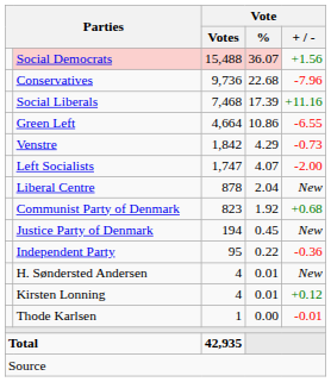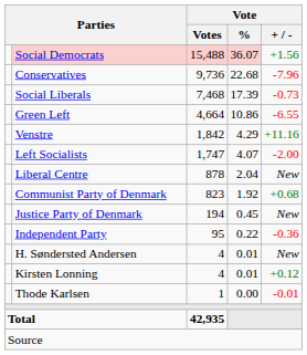 <table class="wikitable" style="text-align:right;">
 <tr>
 <th style="text-align:centre;" rowspan="2" colspan="2" width="225">Parties</th>
 <th colspan="3">Vote</th>
 </tr>
 <tr>
 <th width="15">Votes</th>
 <th width="15">%</th>
 <th width="15">+ / -</th>
 </tr>
 <tr>
 <td width="2" style="color:inherit;background:"></td>
 <td bgcolor=#fbd0ce  align="left"><a href='#'>Social Democrats</a></td>
 <td bgcolor=#fbd0ce>15,488</td>
 <td bgcolor=#fbd0ce>36.07</td>
 <td style=color:green;>+1.56</td>
 </tr>
 <tr>
 <td width="2" style="color:inherit;background:"></td>
 <td align="left"><a href='#'>Conservatives</a></td>
 <td>9,736</td>
 <td>22.68</td>
 <td style=color:red;>-7.96</td>
 </tr>
 <tr>
 <td width="2" style="color:inherit;background:"></td>
 <td align="left"><a href='#'>Social Liberals</a></td>
 <td>7,468</td>
 <td>17.39</td>
-<td style=color:green;>+11.16</td>
+<td style=color:red;>-0.73</td>
 </tr>
 <tr>
 <td width="2" style="color:inherit;background:"></td>
 <td align="left"><a href='#'>Green Left</a></td>
 <td>4,664</td>
 <td>10.86</td>
 <td style=color:red;>-6.55</td>
 </tr>
 <tr>
 <td width="2" style="color:inherit;background:"></td>
 <td align="left"><a href='#'>Venstre</a></td>
 <td>1,842</td>
 <td>4.29</td>
-<td style=color:red;>-0.73</td>
+<td style=color:green;>+11.16</td>
 </tr>
 <tr>
 <td width="2" style="color:inherit;background:"></td>
 <td align="left"><a href='#'>Left Socialists</a></td>
 <td>1,747</td>
 <td>4.07</td>
 <td style=color:red;>-2.00</td>
 </tr>
 <tr>
 <td width="2" style="color:inherit;background:"></td>
 <td align="left"><a href='#'>Liberal Centre</a></td>
 <td>878</td>
 <td>2.04</td>
 <td><em>New</em></td>
 </tr>
 <tr>
 <td width="2" style="color:inherit;background:"></td>
 <td align="left"><a href='#'>Communist Party of Denmark</a></td>
 <td>823</td>
 <td>1.92</td>
 <td style=color:green;>+0.68</td>
 </tr>
 <tr>
 <td width="2" style="color:inherit;background:"></td>
 <td align="left"><a href='#'>Justice Party of Denmark</a></td>
 <td>194</td>
 <td>0.45</td>
 <td><em>New</em></td>
 </tr>
 <tr>
 <td width="2" style="color:inherit;background:"></td>
 <td align="left"><a href='#'>Independent Party</a></td>
 <td>95</td>
 <td>0.22</td>
 <td style=color:red;>-0.36</td>
 </tr>
 <tr>
 <td width="2" style="color:inherit;background:"></td>
 <td align="left">H. Søndersted Andersen</td>
 <td>4</td>
 <td>0.01</td>
 <td><em>New</em></td>
 </tr>
 <tr>
 <td width="2" style="color:inherit;background:"></td>
 <td align="left">Kirsten Lonning</td>
 <td>4</td>
 <td>0.01</td>
 <td style=color:green;>+0.12</td>
 </tr>
 <tr>
 <td width="2" style="color:inherit;background:"></td>
 <td align="left">Thode Karlsen</td>
 <td>1</td>
 <td>0.00</td>
 <td style=color:red;>-0.01</td>
 </tr>
 <tr>
 <td colspan="7" bgcolor="#E9E9E9"></td>
 </tr>
 <tr>
 <td align="left" colspan="2"><strong>Total</strong></td>
 <td><strong>42,935</strong></td>
 <td bgcolor="#E9E9E9" colspan="2"></td>
 </tr>
 <tr>
 <td align="left" colspan="6">Source</td>
 </tr>
 </table>
